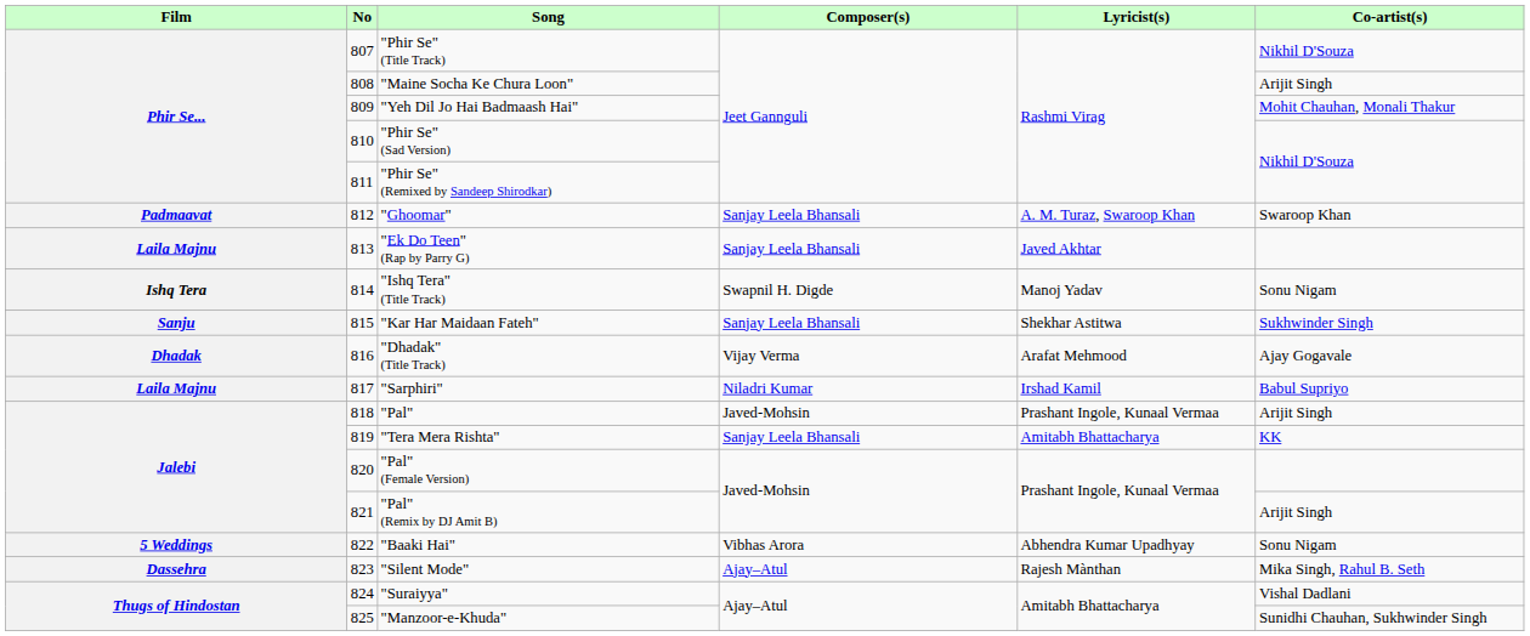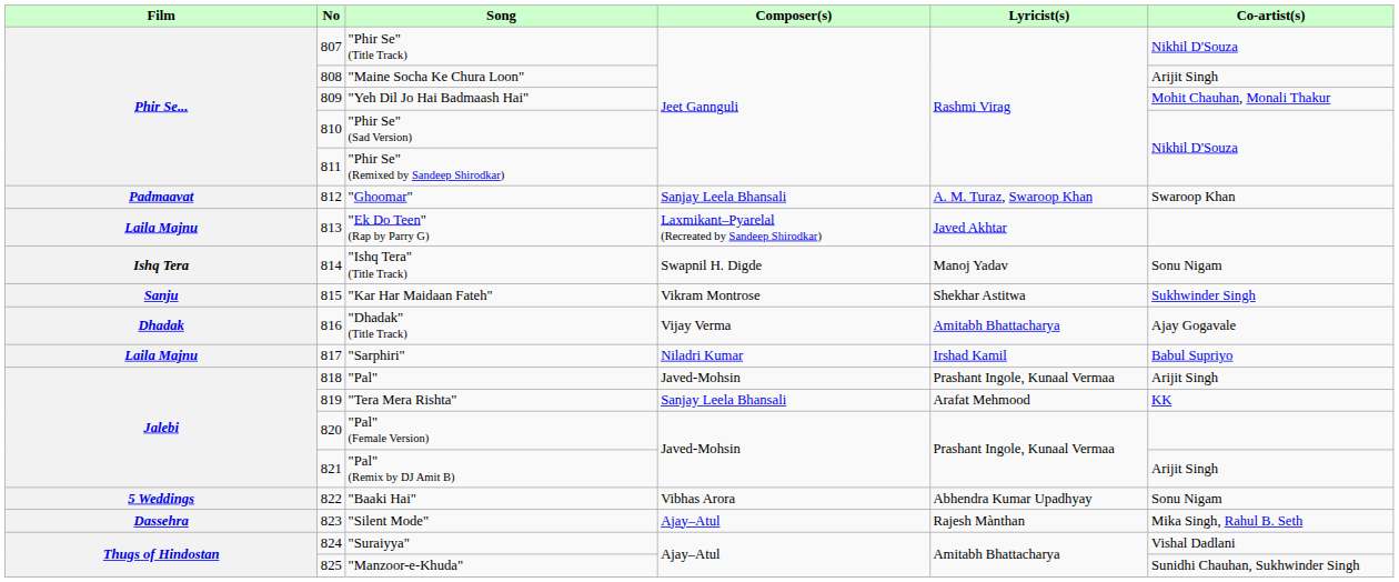 <table class="wikitable plainrowheaders" style="width:100%; textcolor:#000">
 <tr style="background:#cfc; text-align:center;">
 <td scope="col" style="width:23%;"><strong>Film</strong></td>
 <td><strong>No</strong></td>
 <td scope="col" style="width:23%;"><strong>Song</strong></td>
 <td scope="col" style="width:20%;"><strong>Composer(s)</strong></td>
 <td scope="col" style="width:16%;"><strong>Lyricist(s)</strong></td>
 <td scope="col" style="width:18%;"><strong>Co-artist(s)</strong></td>
 </tr>
 <tr>
 <th scope="row" rowspan="5"><em><a href='#'>Phir Se...</a></em></th>
 <td>807</td>
 <td>"Phir Se"<br><small>(Title Track)</small></td>
 <td rowspan="5"><a href='#'>Jeet Gannguli</a></td>
 <td rowspan="5"><a href='#'>Rashmi Virag</a></td>
 <td><a href='#'>Nikhil D'Souza</a></td>
 </tr>
 <tr>
 <td>808</td>
 <td>"Maine Socha Ke Chura Loon"</td>
 <td>Arijit Singh</td>
 </tr>
 <tr>
 <td>809</td>
 <td>"Yeh Dil Jo Hai Badmaash Hai"</td>
 <td><a href='#'>Mohit Chauhan</a>, <a href='#'>Monali Thakur</a></td>
 </tr>
 <tr>
 <td>810</td>
 <td>"Phir Se"<br><small>(Sad Version)</small></td>
 <td rowspan="2"><a href='#'>Nikhil D'Souza</a></td>
 </tr>
 <tr>
 <td>811</td>
 <td>"Phir Se"<br><small>(Remixed by <a href='#'>Sandeep Shirodkar</a>)</small></td>
 </tr>
 <tr>
 <th scope="row"><em><a href='#'>Padmaavat</a></em></th>
 <td>812</td>
 <td>"<a href='#'>Ghoomar</a>"</td>
 <td><a href='#'>Sanjay Leela Bhansali</a></td>
 <td><a href='#'>A. M. Turaz</a>, <a href='#'>Swaroop Khan</a></td>
 <td>Swaroop Khan</td>
 </tr>
 <tr>
 <th scope=" row"><em><a href='#'>Laila Majnu</a></em></th>
 <td>813</td>
 <td>"<a href='#'>Ek Do Teen</a>"<br><small>(Rap by Parry G)</small></td>
-<td><a href='#'>Sanjay Leela Bhansali</a></td>
+<td><a href='#'>Laxmikant–Pyarelal</a><br><small>(Recreated by <a href='#'>Sandeep Shirodkar</a>)</small></td>
 <td><a href='#'>Javed Akhtar</a></td>
 <td></td>
 </tr>
 <tr>
 <th scope="row"><em>Ishq Tera</em></th>
 <td>814</td>
 <td>"Ishq Tera"<br><small>(Title Track)</small></td>
 <td>Swapnil H. Digde</td>
 <td>Manoj Yadav</td>
 <td>Sonu Nigam</td>
 </tr>
 <tr>
 <th scope="row"><em><a href='#'>Sanju</a></em></th>
 <td>815</td>
 <td>"Kar Har Maidaan Fateh"</td>
-<td><a href='#'>Sanjay Leela Bhansali</a></td>
+<td>Vikram Montrose</td>
 <td>Shekhar Astitwa</td>
 <td><a href='#'>Sukhwinder Singh</a></td>
 </tr>
 <tr>
 <th scope="row"><em><a href='#'>Dhadak</a></em></th>
 <td>816</td>
 <td>"Dhadak"<br><small>(Title Track)</small></td>
 <td>Vijay Verma</td>
-<td>Arafat Mehmood</td>
+<td><a href='#'>Amitabh Bhattacharya</a></td>
 <td>Ajay Gogavale</td>
 </tr>
 <tr>
 <th scope=" row"><em><a href='#'>Laila Majnu</a></em></th>
 <td>817</td>
 <td>"Sarphiri"</td>
 <td><a href='#'>Niladri Kumar</a></td>
 <td><a href='#'>Irshad Kamil</a></td>
 <td><a href='#'>Babul Supriyo</a></td>
 </tr>
 <tr>
 <th scope=" row" rowspan = "4"><em><a href='#'>Jalebi</a></em></th>
 <td>818</td>
 <td>"Pal"</td>
 <td>Javed-Mohsin</td>
 <td>Prashant Ingole, Kunaal Vermaa</td>
 <td>Arijit Singh</td>
 </tr>
 <tr>
 <td>819</td>
 <td>"Tera Mera Rishta"</td>
 <td><a href='#'>Sanjay Leela Bhansali</a></td>
-<td><a href='#'>Amitabh Bhattacharya</a></td>
+<td>Arafat Mehmood</td>
 <td><a href='#'>KK</a></td>
 </tr>
 <tr>
 <td>820</td>
 <td>"Pal"<br><small>(Female Version)</small></td>
 <td rowspan="2">Javed-Mohsin</td>
 <td rowspan="2">Prashant Ingole, Kunaal Vermaa</td>
 <td></td>
 </tr>
 <tr>
 <td>821</td>
 <td>"Pal"<br><small>(Remix by DJ Amit B)</small></td>
 <td>Arijit Singh</td>
 </tr>
 <tr>
 <th scope="row"><em><a href='#'>5 Weddings</a></em></th>
 <td>822</td>
 <td>"Baaki Hai"</td>
 <td>Vibhas Arora</td>
 <td>Abhendra Kumar Upadhyay</td>
 <td>Sonu Nigam</td>
 </tr>
 <tr>
 <th scope="row"><em><a href='#'>Dassehra</a></em></th>
 <td>823</td>
 <td>"Silent Mode"</td>
 <td><a href='#'>Ajay–Atul</a></td>
 <td>Rajesh Mànthan</td>
 <td>Mika Singh, <a href='#'>Rahul B. Seth</a></td>
 </tr>
 <tr>
 <th scope="row" rowspan="2"><em><a href='#'>Thugs of Hindostan</a></em></th>
 <td>824</td>
 <td>"Suraiyya"</td>
 <td rowspan="2">Ajay–Atul</td>
 <td rowspan="2">Amitabh Bhattacharya</td>
 <td>Vishal Dadlani</td>
 </tr>
 <tr>
 <td>825</td>
 <td>"Manzoor-e-Khuda"</td>
 <td>Sunidhi Chauhan, Sukhwinder Singh</td>
 </tr>
 </table>
